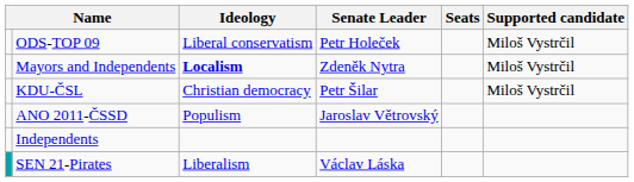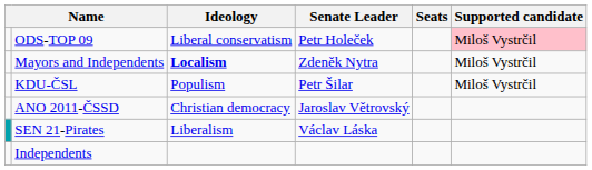 <table class="wikitable">
 <tr>
 <th colspan=2>Name</th>
 <th>Ideology</th>
 <th>Senate Leader</th>
 <th>Seats</th>
 <th>Supported candidate</th>
 </tr>
 <tr>
 <td style="background:"></td>
 <td><a href='#'>ODS</a>-<a href='#'>TOP 09</a></td>
 <td><a href='#'>Liberal conservatism</a></td>
 <td><a href='#'>Petr Holeček</a></td>
 <td></td>
-<td>Miloš Vystrčil</td>
+<td style="background: pink;">Miloš Vystrčil</td>
 </tr>
 <tr>
 <td style="background:"></td>
 <td><a href='#'>Mayors and Independents</a></td>
 <td><strong><a href='#'>Localism</a></strong></td>
 <td><a href='#'>Zdeněk Nytra</a></td>
 <td></td>
 <td>Miloš Vystrčil</td>
 </tr>
 <tr>
 <td style="background:"></td>
 <td><a href='#'>KDU-ČSL</a></td>
-<td><a href='#'>Christian democracy</a></td>
+<td><a href='#'>Populism</a></td>
 <td><a href='#'>Petr Šilar</a></td>
 <td></td>
 <td>Miloš Vystrčil</td>
 </tr>
 <tr>
 <td style="background:"></td>
 <td><a href='#'>ANO 2011</a>-<a href='#'>ČSSD</a></td>
-<td><a href='#'>Populism</a></td>
+<td><a href='#'>Christian democracy</a></td>
 <td><a href='#'>Jaroslav Větrovský</a></td>
+<td></td>
+<td></td>
+</tr>
+<tr>
+<td style="background:#00A2AD;"></td>
+<td><a href='#'>SEN 21</a>-<a href='#'>Pirates</a></td>
+<td><a href='#'>Liberalism</a></td>
+<td><a href='#'>Václav Láska</a></td>
 <td></td>
 <td></td>
 </tr>
 <tr>
 <td style="background:"></td>
 <td><a href='#'>Independents</a></td>
 <td></td>
 <td></td>
 <td></td>
 <td></td>
 </tr>
-<tr>
-<td style="background:#00A2AD;"></td>
-<td><a href='#'>SEN 21</a>-<a href='#'>Pirates</a></td>
-<td><a href='#'>Liberalism</a></td>
-<td><a href='#'>Václav Láska</a></td>
-<td></td>
-<td></td>
-</tr>
 </table>
